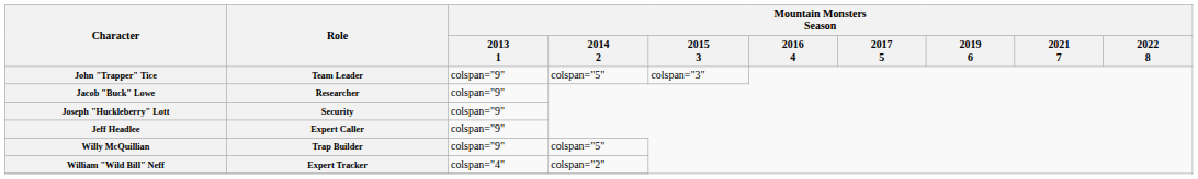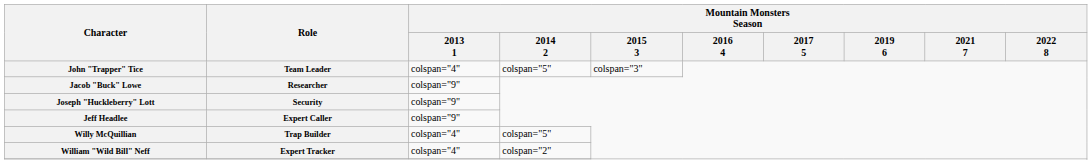 <table class="wikitable" style="font-size: 90%; wisth:100%;">
 <tr>
 <th scope="col" rowspan="2" style="width:10%;">Character</th>
 <th scope="col" rowspan="2" style="width:10%;">Role</th>
 <th scope="col" colspan="9" style="width:10%;">Mountain Monsters <br> Season</th>
 </tr>
 <tr>
 <th scope="col" style="width:4%;">2013 <br> 1</th>
 <th scope="col" style="width:4%;">2014 <br> 2</th>
 <th scope="col" style="width:4%;">2015 <br> 3</th>
 <th scope="col" style="width:4%;">2016 <br> 4</th>
 <th scope="col" style="width:4%;">2017 <br> 5</th>
 <th scope="col" style="width:4%;">2019 <br> 6</th>
 <th scope="col" style="width:4%;">2021 <br> 7</th>
 <th scope="col" style="width:4%;">2022 <br> 8</th>
 </tr>
 <tr>
 <th nowrap><small>John "Trapper" Tice</small></th>
 <th nowrap><small>Team Leader</small></th>
-<td>colspan="9" </td>
+<td>colspan="4" </td>
 <td>colspan="5" </td>
 <td>colspan="3" </td>
 </tr>
 <tr>
 <th nowrap><small>Jacob "Buck" Lowe</small></th>
 <th nowrap><small>Researcher</small></th>
 <td>colspan="9" </td>
 </tr>
 <tr>
 <th nowrap><small>Joseph "Huckleberry" Lott</small></th>
 <th nowrap><small>Security</small></th>
 <td>colspan="9" </td>
 </tr>
 <tr>
 <th nowrap><small>Jeff Headlee</small></th>
 <th nowrap><small>Expert Caller</small></th>
 <td>colspan="9" </td>
 </tr>
 <tr>
 <th nowrap><small>Willy McQuillian</small></th>
 <th nowrap><small>Trap Builder</small></th>
-<td>colspan="9" </td>
+<td>colspan="4" </td>
 <td>colspan="5" </td>
 </tr>
 <tr>
 <th nowrap><small>William "Wild Bill" Neff</small></th>
 <th nowrap><small>Expert Tracker</small></th>
 <td>colspan="4" </td>
 <td>colspan="2" </td>
 </tr>
 <tr>
 </tr>
 </table>
